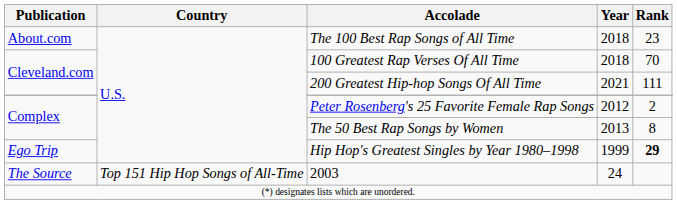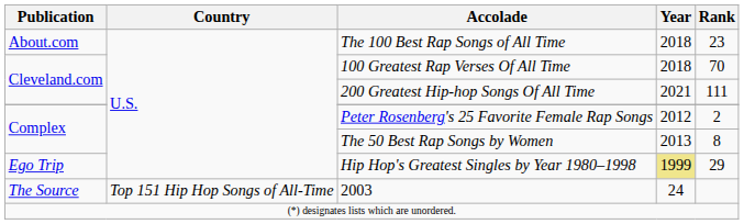 <table class="wikitable">
 <tr>
 <th>Publication</th>
 <th>Country</th>
 <th>Accolade</th>
 <th>Year</th>
 <th style="text-align:center;">Rank</th>
 </tr>
 <tr>
 <td><a href='#'>About.com</a></td>
 <td rowspan=7><a href='#'>U.S.</a></td>
 <td><em>The 100 Best Rap Songs of All Time</em></td>
 <td>2018</td>
 <td style="text-align:center;">23</td>
 </tr>
 <tr>
 <td rowspan=2><a href='#'>Cleveland.com</a></td>
 <td><em>100 Greatest Rap Verses Of All Time</em></td>
 <td>2018</td>
 <td style="text-align:center;">70</td>
 </tr>
 <tr>
 <td><em>200 Greatest Hip-hop Songs Of All Time</em></td>
 <td>2021</td>
 <td style="text-align:center;">111</td>
 </tr>
 <tr>
 </tr>
 <tr>
 <td rowspan=2><a href='#'>Complex</a></td>
 <td><em><a href='#'>Peter Rosenberg</a>'s 25 Favorite Female Rap Songs</em></td>
 <td>2012</td>
 <td style="text-align:center;">2</td>
 </tr>
 <tr>
 <td><em>The 50 Best Rap Songs by Women</em></td>
 <td>2013</td>
 <td style="text-align:center;">8</td>
 </tr>
 <tr>
 <td><em><a href='#'>Ego Trip</a></em></td>
 <td><em>Hip Hop's Greatest Singles by Year 1980–1998</em></td>
-<td>1999</td>
-<td style="text-align:center;"><strong>29</strong></td>
+<td style="background: khaki;">1999</td>
+<td style="text-align:center;">29</td>
 </tr>
 <tr>
 <td><em><a href='#'>The Source</a></em></td>
 <td><em>Top 151 Hip Hop Songs of All-Time</em></td>
 <td>2003</td>
 <td style="text-align:center;">24</td>
 </tr>
 <tr>
 <td colspan="7" style="text-align:center; font-size:8pt;">(*) designates lists which are unordered.</td>
 </tr>
 </table>
